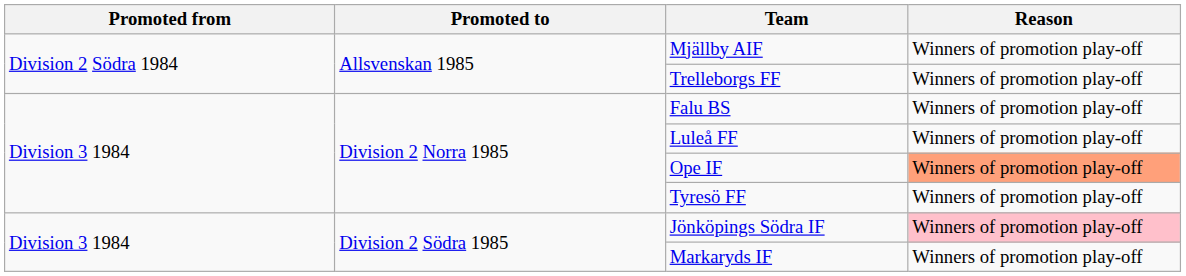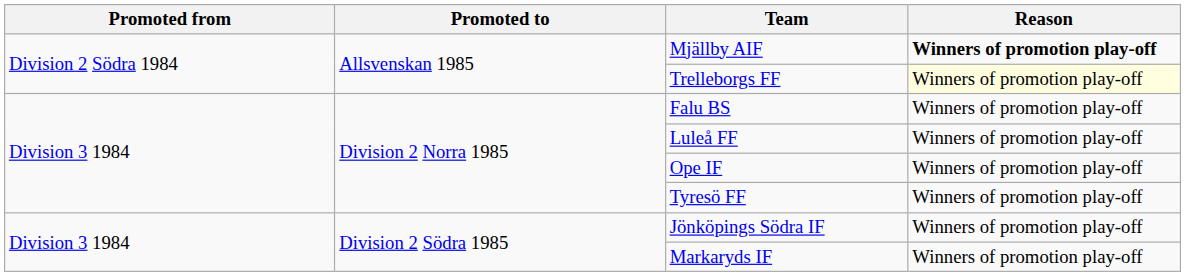 <table class="wikitable">
 <tr>
 <th style="width: 275px;">Promoted from</th>
 <th style="width: 275px;">Promoted to</th>
 <th style="width: 200px;">Team</th>
 <th style="width: 225px;">Reason</th>
 </tr>
 <tr>
 <td rowspan=2><a href='#'>Division 2</a> <a href='#'>Södra</a> 1984</td>
 <td rowspan=2><a href='#'>Allsvenskan</a> 1985</td>
 <td><a href='#'>Mjällby AIF</a></td>
-<td>Winners of promotion play-off</td>
+<td><strong>Winners of promotion play-off</strong></td>
 </tr>
 <tr>
 <td><a href='#'>Trelleborgs FF</a></td>
-<td>Winners of promotion play-off</td>
+<td style="background: lightyellow;">Winners of promotion play-off</td>
 </tr>
 <tr>
 <td rowspan=4><a href='#'>Division 3</a> 1984</td>
 <td rowspan=4><a href='#'>Division 2</a> <a href='#'>Norra</a> 1985</td>
 <td><a href='#'>Falu BS</a></td>
 <td>Winners of promotion play-off</td>
 </tr>
 <tr>
 <td><a href='#'>Luleå FF</a></td>
 <td>Winners of promotion play-off</td>
 </tr>
 <tr>
 <td><a href='#'>Ope IF</a></td>
-<td style="background: lightsalmon;">Winners of promotion play-off</td>
+<td>Winners of promotion play-off</td>
 </tr>
 <tr>
 <td><a href='#'>Tyresö FF</a></td>
 <td>Winners of promotion play-off</td>
 </tr>
 <tr>
 <td rowspan=2><a href='#'>Division 3</a> 1984</td>
 <td rowspan=2><a href='#'>Division 2</a> <a href='#'>Södra</a> 1985</td>
 <td><a href='#'>Jönköpings Södra IF</a></td>
-<td style="background: pink;">Winners of promotion play-off</td>
+<td>Winners of promotion play-off</td>
 </tr>
 <tr>
 <td><a href='#'>Markaryds IF</a></td>
 <td>Winners of promotion play-off</td>
 </tr>
 </table>
